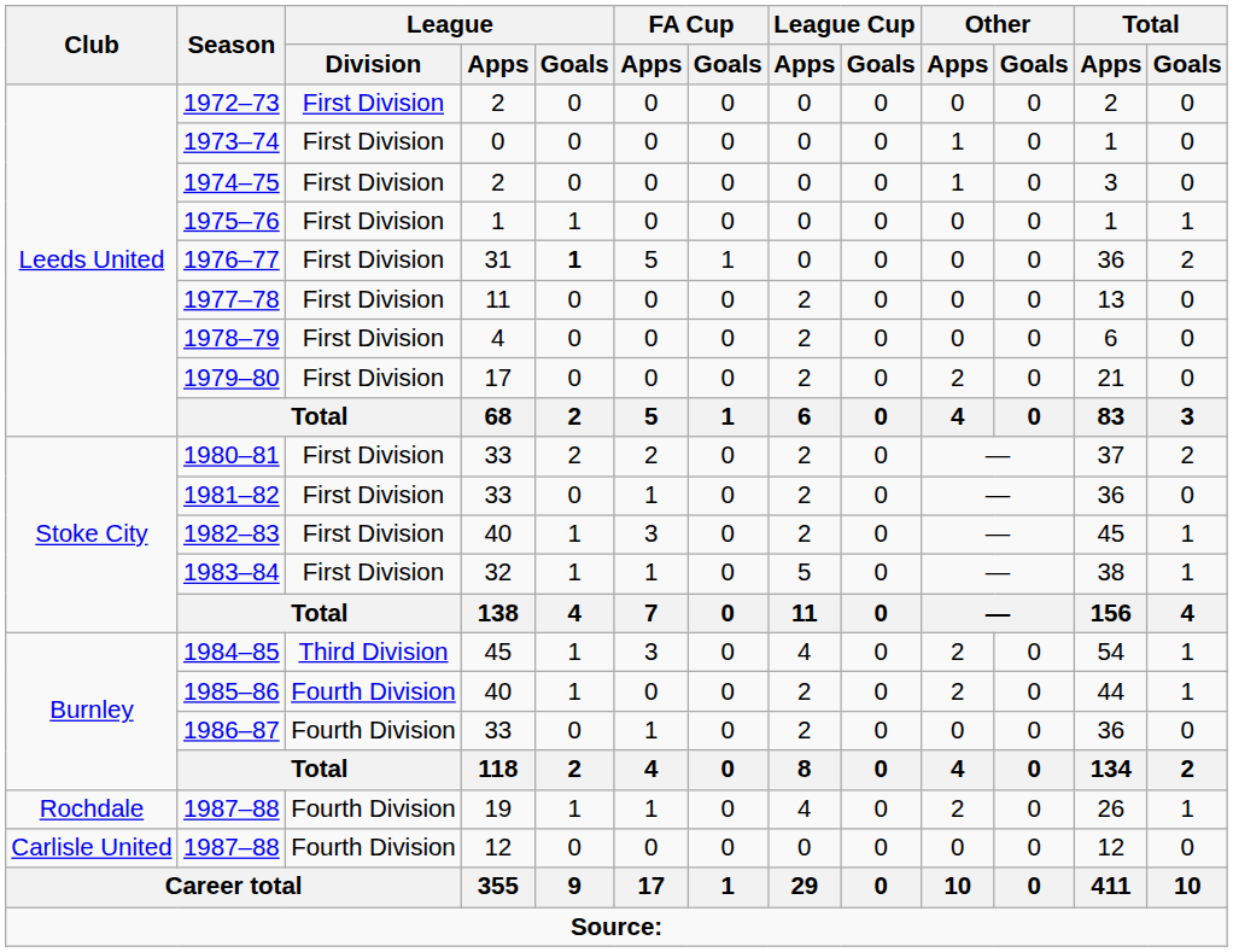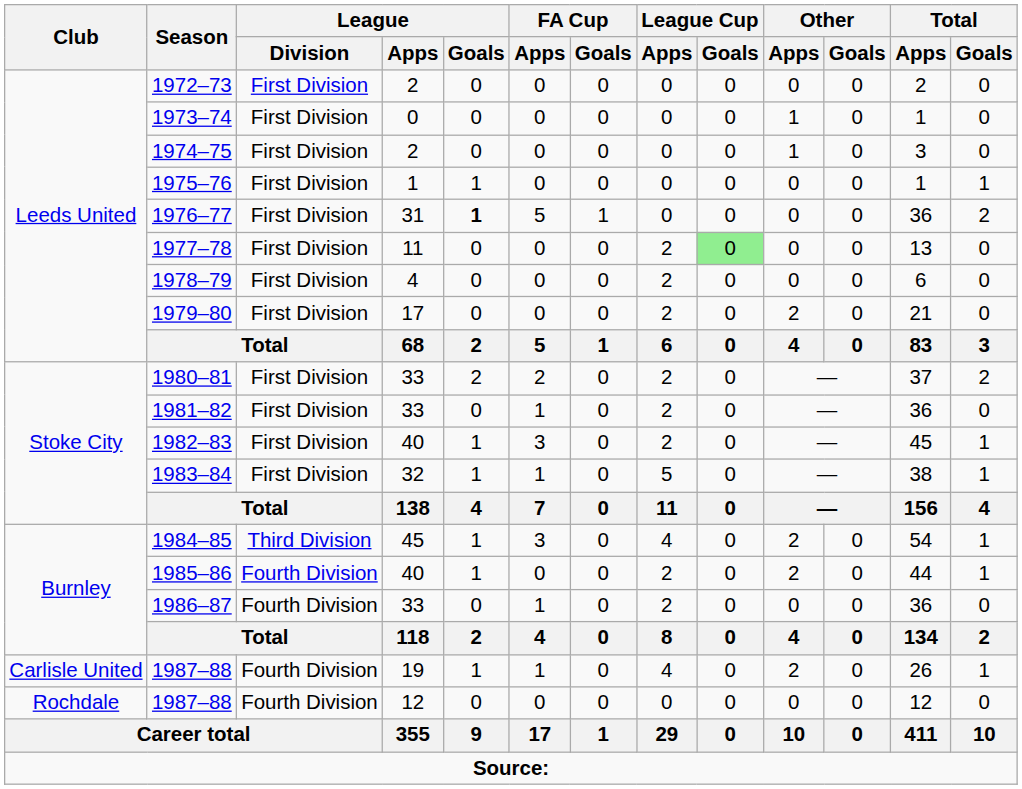 <table class="wikitable" style="text-align: center;">
 <tr>
 <th rowspan="2">Club</th>
 <th rowspan="2">Season</th>
 <th colspan="3">League</th>
 <th colspan="2">FA Cup</th>
 <th colspan="2">League Cup</th>
 <th colspan="2">Other</th>
 <th colspan="2">Total</th>
 </tr>
 <tr>
 <th>Division</th>
 <th>Apps</th>
 <th>Goals</th>
 <th>Apps</th>
 <th>Goals</th>
 <th>Apps</th>
 <th>Goals</th>
 <th>Apps</th>
 <th>Goals</th>
 <th>Apps</th>
 <th>Goals</th>
 </tr>
 <tr>
 <td rowspan="9"><a href='#'>Leeds United</a></td>
 <td><a href='#'>1972–73</a></td>
 <td><a href='#'>First Division</a></td>
 <td>2</td>
 <td>0</td>
 <td>0</td>
 <td>0</td>
 <td>0</td>
 <td>0</td>
 <td>0</td>
 <td>0</td>
 <td>2</td>
 <td>0</td>
 </tr>
 <tr>
 <td><a href='#'>1973–74</a></td>
 <td>First Division</td>
 <td>0</td>
 <td>0</td>
 <td>0</td>
 <td>0</td>
 <td>0</td>
 <td>0</td>
 <td>1</td>
 <td>0</td>
 <td>1</td>
 <td>0</td>
 </tr>
 <tr>
 <td><a href='#'>1974–75</a></td>
 <td>First Division</td>
 <td>2</td>
 <td>0</td>
 <td>0</td>
 <td>0</td>
 <td>0</td>
 <td>0</td>
 <td>1</td>
 <td>0</td>
 <td>3</td>
 <td>0</td>
 </tr>
 <tr>
 <td><a href='#'>1975–76</a></td>
 <td>First Division</td>
 <td>1</td>
 <td>1</td>
 <td>0</td>
 <td>0</td>
 <td>0</td>
 <td>0</td>
 <td>0</td>
 <td>0</td>
 <td>1</td>
 <td>1</td>
 </tr>
 <tr>
 <td><a href='#'>1976–77</a></td>
 <td>First Division</td>
 <td>31</td>
 <td><strong>1</strong></td>
 <td>5</td>
 <td>1</td>
 <td>0</td>
 <td>0</td>
 <td>0</td>
 <td>0</td>
 <td>36</td>
 <td>2</td>
 </tr>
 <tr>
 <td><a href='#'>1977–78</a></td>
 <td>First Division</td>
 <td>11</td>
 <td>0</td>
 <td>0</td>
 <td>0</td>
 <td>2</td>
-<td>0</td>
+<td style="background: lightgreen;">0</td>
 <td>0</td>
 <td>0</td>
 <td>13</td>
 <td>0</td>
 </tr>
 <tr>
 <td><a href='#'>1978–79</a></td>
 <td>First Division</td>
 <td>4</td>
 <td>0</td>
 <td>0</td>
 <td>0</td>
 <td>2</td>
 <td>0</td>
 <td>0</td>
 <td>0</td>
 <td>6</td>
 <td>0</td>
 </tr>
 <tr>
 <td><a href='#'>1979–80</a></td>
 <td>First Division</td>
 <td>17</td>
 <td>0</td>
 <td>0</td>
 <td>0</td>
 <td>2</td>
 <td>0</td>
 <td>2</td>
 <td>0</td>
 <td>21</td>
 <td>0</td>
 </tr>
 <tr>
 <th colspan="2">Total</th>
 <th>68</th>
 <th>2</th>
 <th>5</th>
 <th>1</th>
 <th>6</th>
 <th>0</th>
 <th>4</th>
 <th>0</th>
 <th>83</th>
 <th>3</th>
 </tr>
 <tr>
 <td rowspan="5"><a href='#'>Stoke City</a></td>
 <td><a href='#'>1980–81</a></td>
 <td>First Division</td>
 <td>33</td>
 <td>2</td>
 <td>2</td>
 <td>0</td>
 <td>2</td>
 <td>0</td>
 <td colspan=2>—</td>
 <td>37</td>
 <td>2</td>
 </tr>
 <tr>
 <td><a href='#'>1981–82</a></td>
 <td>First Division</td>
 <td>33</td>
 <td>0</td>
 <td>1</td>
 <td>0</td>
 <td>2</td>
 <td>0</td>
 <td colspan=2>—</td>
 <td>36</td>
 <td>0</td>
 </tr>
 <tr>
 <td><a href='#'>1982–83</a></td>
 <td>First Division</td>
 <td>40</td>
 <td>1</td>
 <td>3</td>
 <td>0</td>
 <td>2</td>
 <td>0</td>
 <td colspan=2>—</td>
 <td>45</td>
 <td>1</td>
 </tr>
 <tr>
 <td><a href='#'>1983–84</a></td>
 <td>First Division</td>
 <td>32</td>
 <td>1</td>
 <td>1</td>
 <td>0</td>
 <td>5</td>
 <td>0</td>
 <td colspan=2>—</td>
 <td>38</td>
 <td>1</td>
 </tr>
 <tr>
 <th colspan="2">Total</th>
 <th>138</th>
 <th>4</th>
 <th>7</th>
 <th>0</th>
 <th>11</th>
 <th>0</th>
 <th colspan=2>—</th>
 <th>156</th>
 <th>4</th>
 </tr>
 <tr>
 <td rowspan="4"><a href='#'>Burnley</a></td>
 <td><a href='#'>1984–85</a></td>
 <td><a href='#'>Third Division</a></td>
 <td>45</td>
 <td>1</td>
 <td>3</td>
 <td>0</td>
 <td>4</td>
 <td>0</td>
 <td>2</td>
 <td>0</td>
 <td>54</td>
 <td>1</td>
 </tr>
 <tr>
 <td><a href='#'>1985–86</a></td>
 <td><a href='#'>Fourth Division</a></td>
 <td>40</td>
 <td>1</td>
 <td>0</td>
 <td>0</td>
 <td>2</td>
 <td>0</td>
 <td>2</td>
 <td>0</td>
 <td>44</td>
 <td>1</td>
 </tr>
 <tr>
 <td><a href='#'>1986–87</a></td>
 <td>Fourth Division</td>
 <td>33</td>
 <td>0</td>
 <td>1</td>
 <td>0</td>
 <td>2</td>
 <td>0</td>
 <td>0</td>
 <td>0</td>
 <td>36</td>
 <td>0</td>
 </tr>
 <tr>
 <th colspan="2">Total</th>
 <th>118</th>
 <th>2</th>
 <th>4</th>
 <th>0</th>
 <th>8</th>
 <th>0</th>
 <th>4</th>
 <th>0</th>
 <th>134</th>
 <th>2</th>
 </tr>
 <tr>
-<td><a href='#'>Rochdale</a></td>
+<td><a href='#'>Carlisle United</a></td>
 <td><a href='#'>1987–88</a></td>
 <td>Fourth Division</td>
 <td>19</td>
 <td>1</td>
 <td>1</td>
 <td>0</td>
 <td>4</td>
 <td>0</td>
 <td>2</td>
 <td>0</td>
 <td>26</td>
 <td>1</td>
 </tr>
 <tr>
-<td><a href='#'>Carlisle United</a></td>
+<td><a href='#'>Rochdale</a></td>
 <td><a href='#'>1987–88</a></td>
 <td>Fourth Division</td>
 <td>12</td>
 <td>0</td>
 <td>0</td>
 <td>0</td>
 <td>0</td>
 <td>0</td>
 <td>0</td>
 <td>0</td>
 <td>12</td>
 <td>0</td>
 </tr>
 <tr>
 <th colspan="3">Career total</th>
 <th>355</th>
 <th>9</th>
 <th>17</th>
 <th>1</th>
 <th>29</th>
 <th>0</th>
 <th>10</th>
 <th>0</th>
 <th>411</th>
 <th>10</th>
 </tr>
 <tr>
 <td colspan="13"><strong>Source:</strong></td>
 </tr>
 </table>
